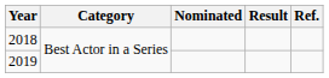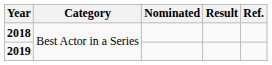 <table class="wikitable">
 <tr>
 <th>Year</th>
 <th>Category</th>
 <th>Nominated</th>
 <th>Result</th>
 <th>Ref.</th>
 </tr>
 <tr>
-<td>2018</td>
+<td><strong>2018</strong></td>
 <td rowspan=2>Best Actor in a Series</td>
 <td></td>
 <td></td>
 <td></td>
 </tr>
 <tr>
-<td>2019</td>
+<td><strong>2019</strong></td>
 <td></td>
 <td></td>
 <td></td>
 </tr>
 </table>
